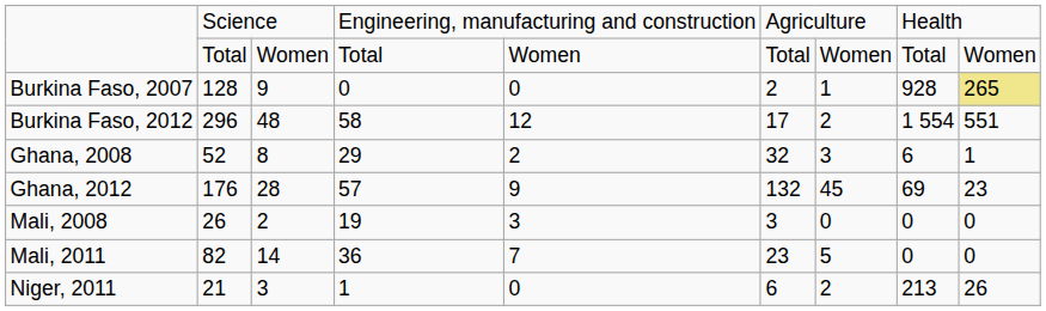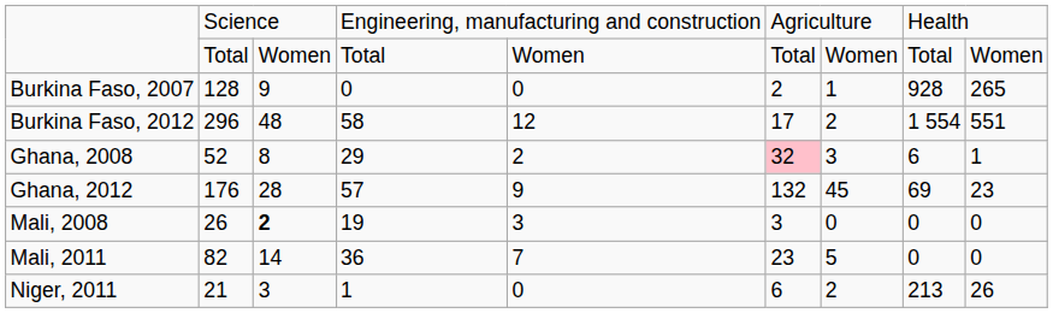 <table class="wikitable">
 <tr>
 <td rowspan="2"><strong> </strong></td>
 <td colspan="2">Science</td>
 <td colspan="2">Engineering, manufacturing and construction</td>
 <td colspan="2">Agriculture</td>
 <td colspan="2">Health</td>
 </tr>
 <tr>
 <td>Total</td>
 <td>Women</td>
 <td>Total</td>
 <td>Women</td>
 <td>Total</td>
 <td>Women</td>
 <td>Total</td>
 <td>Women</td>
 </tr>
 <tr>
 <td>Burkina Faso, 2007</td>
 <td>128</td>
 <td>9</td>
 <td>0</td>
 <td>0</td>
 <td>2</td>
 <td>1</td>
 <td>928</td>
-<td style="background: khaki;">265</td>
+<td>265</td>
 </tr>
 <tr>
 <td>Burkina Faso, 2012</td>
 <td>296</td>
 <td>48</td>
 <td>58</td>
 <td>12</td>
 <td>17</td>
 <td>2</td>
 <td>1 554</td>
 <td>551</td>
 </tr>
 <tr>
 <td>Ghana, 2008</td>
 <td>52</td>
 <td>8</td>
 <td>29</td>
 <td>2</td>
-<td>32</td>
+<td style="background: pink;">32</td>
 <td>3</td>
 <td>6</td>
 <td>1</td>
 </tr>
 <tr>
 <td>Ghana, 2012</td>
 <td>176</td>
 <td>28</td>
 <td>57</td>
 <td>9</td>
 <td>132</td>
 <td>45</td>
 <td>69</td>
 <td>23</td>
 </tr>
 <tr>
 <td>Mali, 2008</td>
 <td>26</td>
-<td>2</td>
+<td><strong>2</strong></td>
 <td>19</td>
 <td>3</td>
 <td>3</td>
 <td>0</td>
 <td>0</td>
 <td>0</td>
 </tr>
 <tr>
 <td>Mali, 2011</td>
 <td>82</td>
 <td>14</td>
 <td>36</td>
 <td>7</td>
 <td>23</td>
 <td>5</td>
 <td>0</td>
 <td>0</td>
 </tr>
 <tr>
 <td>Niger, 2011</td>
 <td>21</td>
 <td>3</td>
 <td>1</td>
 <td>0</td>
 <td>6</td>
 <td>2</td>
 <td>213</td>
 <td>26</td>
 </tr>
 </table>
